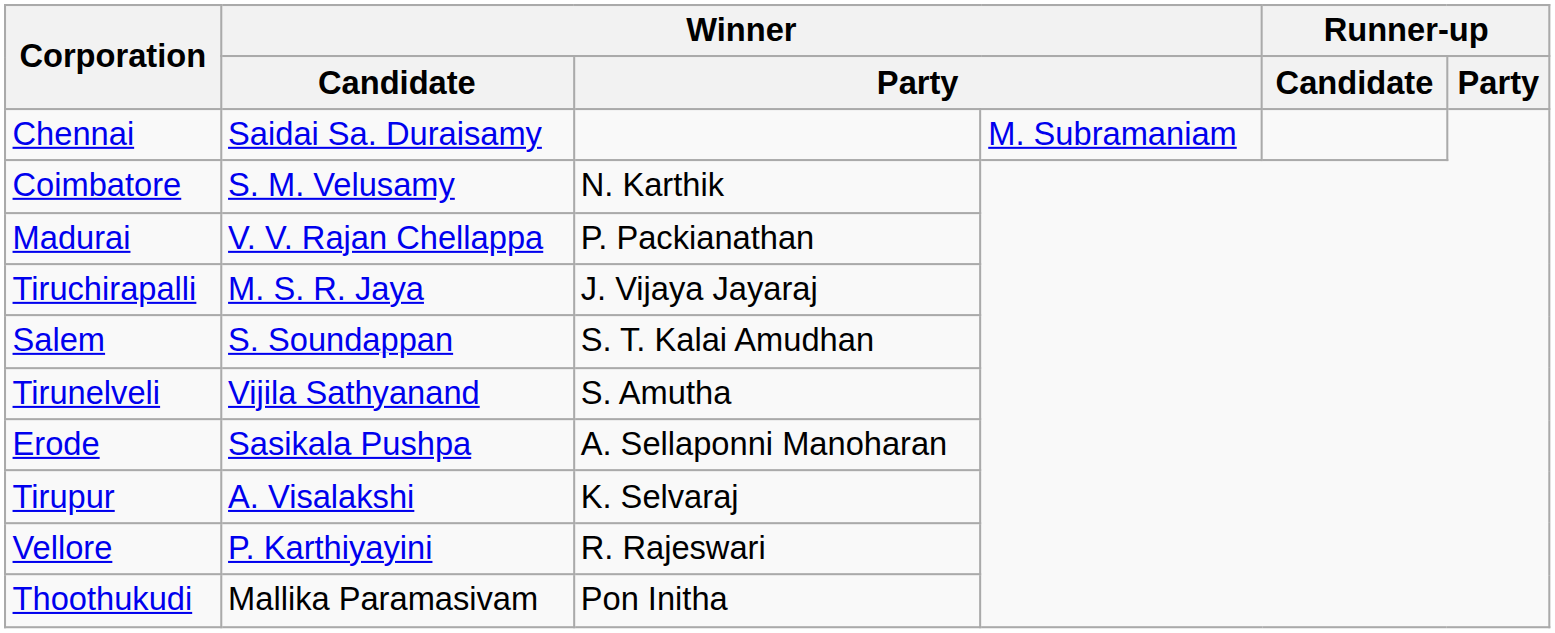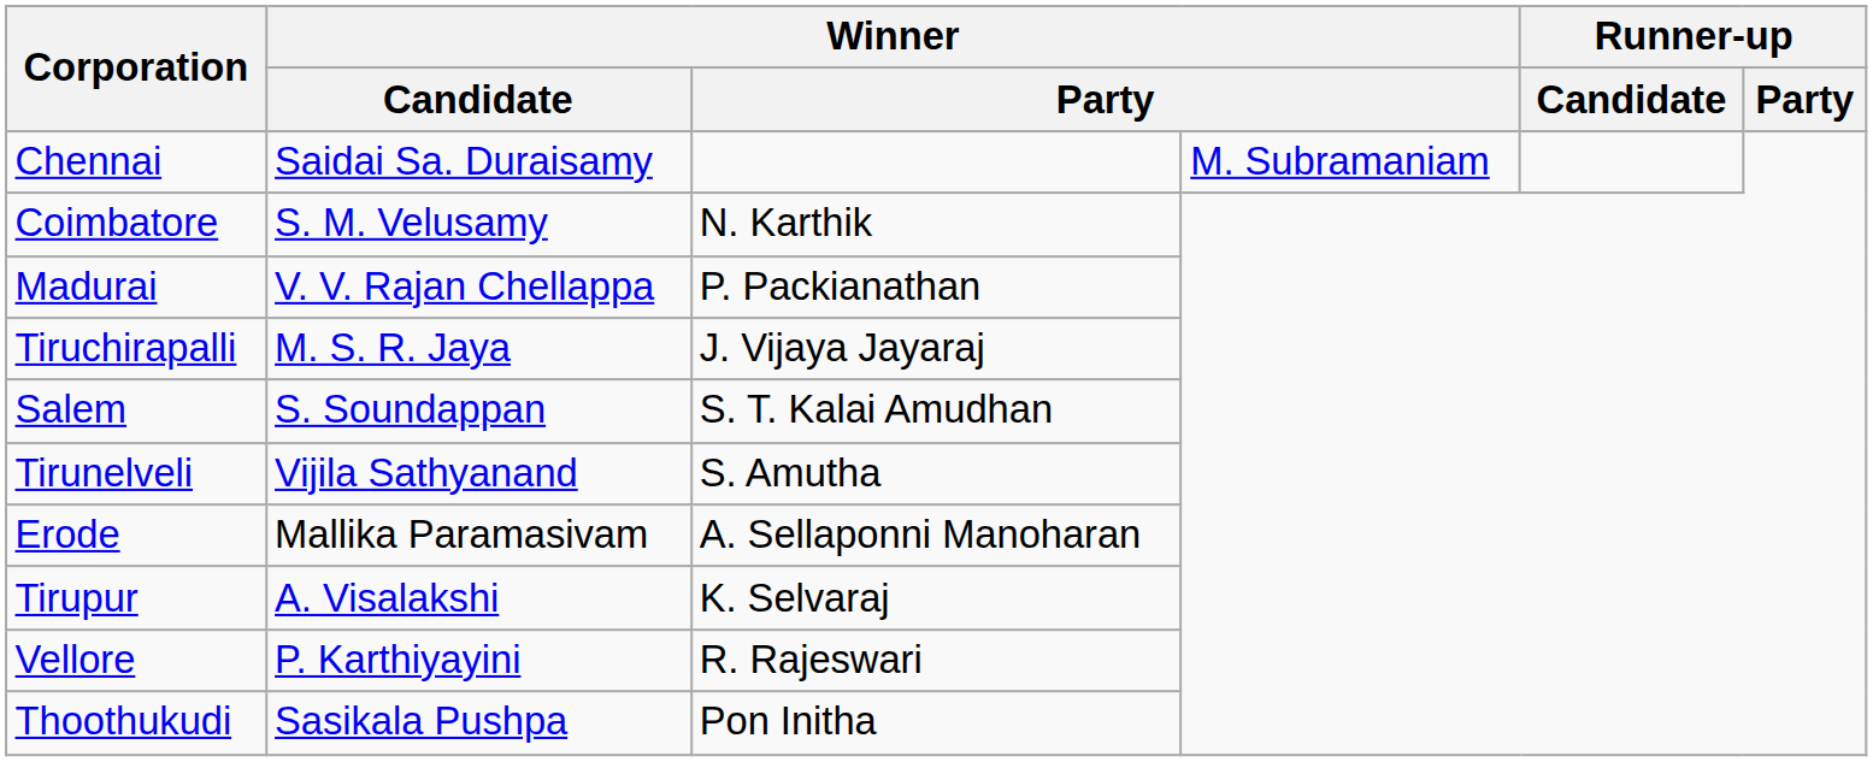 <table class="wikitable sortable" width="60%" style="font-size: x-big; font-family: arial">
 <tr>
 <th rowspan="2">Corporation</th>
 <th colspan="3">Winner</th>
 <th colspan="3">Runner-up</th>
 </tr>
 <tr>
 <th>Candidate</th>
 <th colspan="2">Party</th>
 <th>Candidate</th>
 <th colspan="2">Party</th>
 </tr>
 <tr>
 <td><a href='#'>Chennai</a></td>
 <td><a href='#'>Saidai Sa. Duraisamy</a></td>
 <td></td>
 <td><a href='#'>M. Subramaniam</a></td>
 <td></td>
 </tr>
 <tr>
 <td><a href='#'>Coimbatore</a></td>
 <td><a href='#'>S. M. Velusamy</a></td>
 <td>N. Karthik</td>
 </tr>
 <tr>
 <td><a href='#'>Madurai</a></td>
 <td><a href='#'>V. V. Rajan Chellappa</a></td>
 <td>P. Packianathan</td>
 </tr>
 <tr>
 <td><a href='#'>Tiruchirapalli</a></td>
 <td><a href='#'>M. S. R. Jaya</a></td>
 <td>J. Vijaya Jayaraj</td>
 </tr>
 <tr>
 <td><a href='#'>Salem</a></td>
 <td><a href='#'>S. Soundappan</a></td>
 <td>S. T. Kalai Amudhan</td>
 </tr>
 <tr>
 <td><a href='#'>Tirunelveli</a></td>
 <td><a href='#'>Vijila Sathyanand</a></td>
 <td>S. Amutha</td>
 </tr>
 <tr>
 <td><a href='#'>Erode</a></td>
-<td><a href='#'>Sasikala Pushpa</a></td>
+<td>Mallika Paramasivam</td>
 <td>A. Sellaponni Manoharan</td>
 </tr>
 <tr>
 <td><a href='#'>Tirupur</a></td>
 <td><a href='#'>A. Visalakshi</a></td>
 <td>K. Selvaraj</td>
 </tr>
 <tr>
 <td><a href='#'>Vellore</a></td>
 <td><a href='#'>P. Karthiyayini</a></td>
 <td>R. Rajeswari</td>
 </tr>
 <tr>
 <td><a href='#'>Thoothukudi</a></td>
-<td>Mallika Paramasivam</td>
+<td><a href='#'>Sasikala Pushpa</a></td>
 <td>Pon Initha</td>
 </tr>
 </table>
